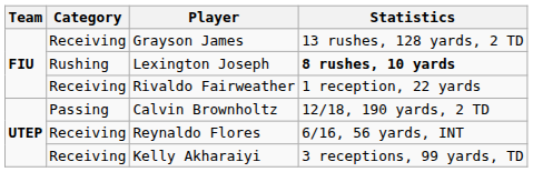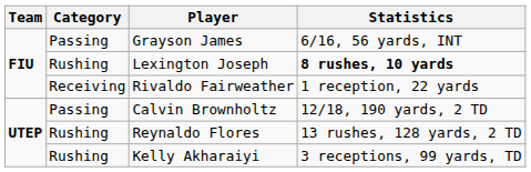 <table class="wikitable" style="float: left;">
 <tr>
 <th>Team</th>
 <th>Category</th>
 <th>Player</th>
 <th>Statistics</th>
 </tr>
 <tr>
 <td rowspan=3><strong>FIU</strong></td>
-<td>Receiving</td>
+<td>Passing</td>
 <td>Grayson James</td>
-<td>13 rushes, 128 yards, 2 TD</td>
+<td>6/16, 56 yards, INT</td>
 </tr>
 <tr>
 <td>Rushing</td>
 <td>Lexington Joseph</td>
 <td><strong>8 rushes, 10 yards</strong></td>
 </tr>
 <tr>
 <td>Receiving</td>
 <td>Rivaldo Fairweather</td>
 <td>1 reception, 22 yards</td>
 </tr>
 <tr>
 <td rowspan=3><strong>UTEP</strong></td>
 <td>Passing</td>
 <td>Calvin Brownholtz</td>
 <td>12/18, 190 yards, 2 TD</td>
 </tr>
 <tr>
-<td>Receiving</td>
+<td>Rushing</td>
 <td>Reynaldo Flores</td>
-<td>6/16, 56 yards, INT</td>
+<td>13 rushes, 128 yards, 2 TD</td>
 </tr>
 <tr>
-<td>Receiving</td>
+<td>Rushing</td>
 <td>Kelly Akharaiyi</td>
 <td>3 receptions, 99 yards, TD</td>
 </tr>
 </table>
